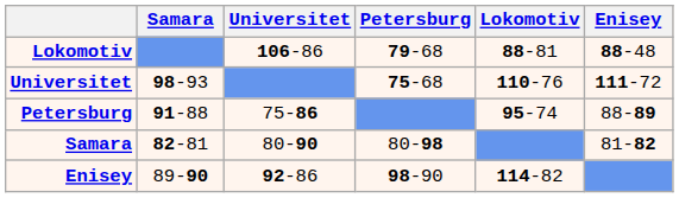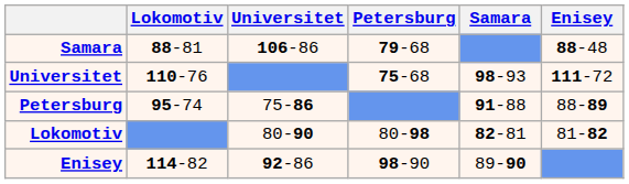 <table cellspacing="0" cellpadding="3" style="background-color: #fff5ee; font-size: 90%; text-align: center" class="wikitable">
 <tr>
 <th></th>
-<th width=50><a href='#'>Samara</a></th>
+<th width=50><a href='#'>Lokomotiv</a></th>
 <th width=50><a href='#'>Universitet</a></th>
 <th width=50><a href='#'>Petersburg</a></th>
-<th width=50><a href='#'>Lokomotiv</a></th>
+<th width=50><a href='#'>Samara</a></th>
 <th width=50><a href='#'>Enisey</a></th>
+</tr>
+<tr>
+<td align=right><strong><a href='#'>Samara</a></strong></td>
+<td><strong>88</strong>-81</td>
+<td><strong>106</strong>-86</td>
+<td><strong>79</strong>-68</td>
+<td bgcolor="#6495ed"></td>
+<td><strong>88</strong>-48</td>
+</tr>
+<tr>
+<td align=right><strong><a href='#'>Universitet</a></strong></td>
+<td><strong>110</strong>-76</td>
+<td bgcolor="#6495ed"></td>
+<td><strong>75</strong>-68</td>
+<td><strong>98</strong>-93</td>
+<td><strong>111</strong>-72</td>
+</tr>
+<tr>
+<td align=right><strong><a href='#'>Petersburg</a> </strong></td>
+<td><strong>95</strong>-74</td>
+<td>75-<strong>86</strong></td>
+<td bgcolor="#6495ed"></td>
+<td><strong>91</strong>-88</td>
+<td>88-<strong>89</strong></td>
 </tr>
 <tr>
 <td align=right><strong><a href='#'>Lokomotiv</a></strong></td>
 <td bgcolor="#6495ed"></td>
-<td><strong>106</strong>-86</td>
-<td><strong>79</strong>-68</td>
-<td><strong>88</strong>-81</td>
-<td><strong>88</strong>-48</td>
-</tr>
-<tr>
-<td align=right><strong><a href='#'>Universitet</a></strong></td>
-<td><strong>98</strong>-93</td>
-<td bgcolor="#6495ed"></td>
-<td><strong>75</strong>-68</td>
-<td><strong>110</strong>-76</td>
-<td><strong>111</strong>-72</td>
-</tr>
-<tr>
-<td align=right><strong><a href='#'>Petersburg</a> </strong></td>
-<td><strong>91</strong>-88</td>
-<td>75-<strong>86</strong></td>
-<td bgcolor="#6495ed"></td>
-<td><strong>95</strong>-74</td>
-<td>88-<strong>89</strong></td>
-</tr>
-<tr>
-<td align=right><strong><a href='#'>Samara</a></strong></td>
-<td><strong>82</strong>-81</td>
 <td>80-<strong>90</strong></td>
 <td>80-<strong>98</strong></td>
-<td bgcolor="#6495ed"></td>
+<td><strong>82</strong>-81</td>
 <td>81-<strong>82</strong></td>
 </tr>
 <tr>
 <td align=right><strong><a href='#'>Enisey</a></strong></td>
-<td>89-<strong>90</strong></td>
+<td><strong>114</strong>-82</td>
 <td><strong>92</strong>-86</td>
 <td><strong>98</strong>-90</td>
-<td><strong>114</strong>-82</td>
+<td>89-<strong>90</strong></td>
 <td bgcolor="#6495ed"></td>
 </tr>
 </table>
